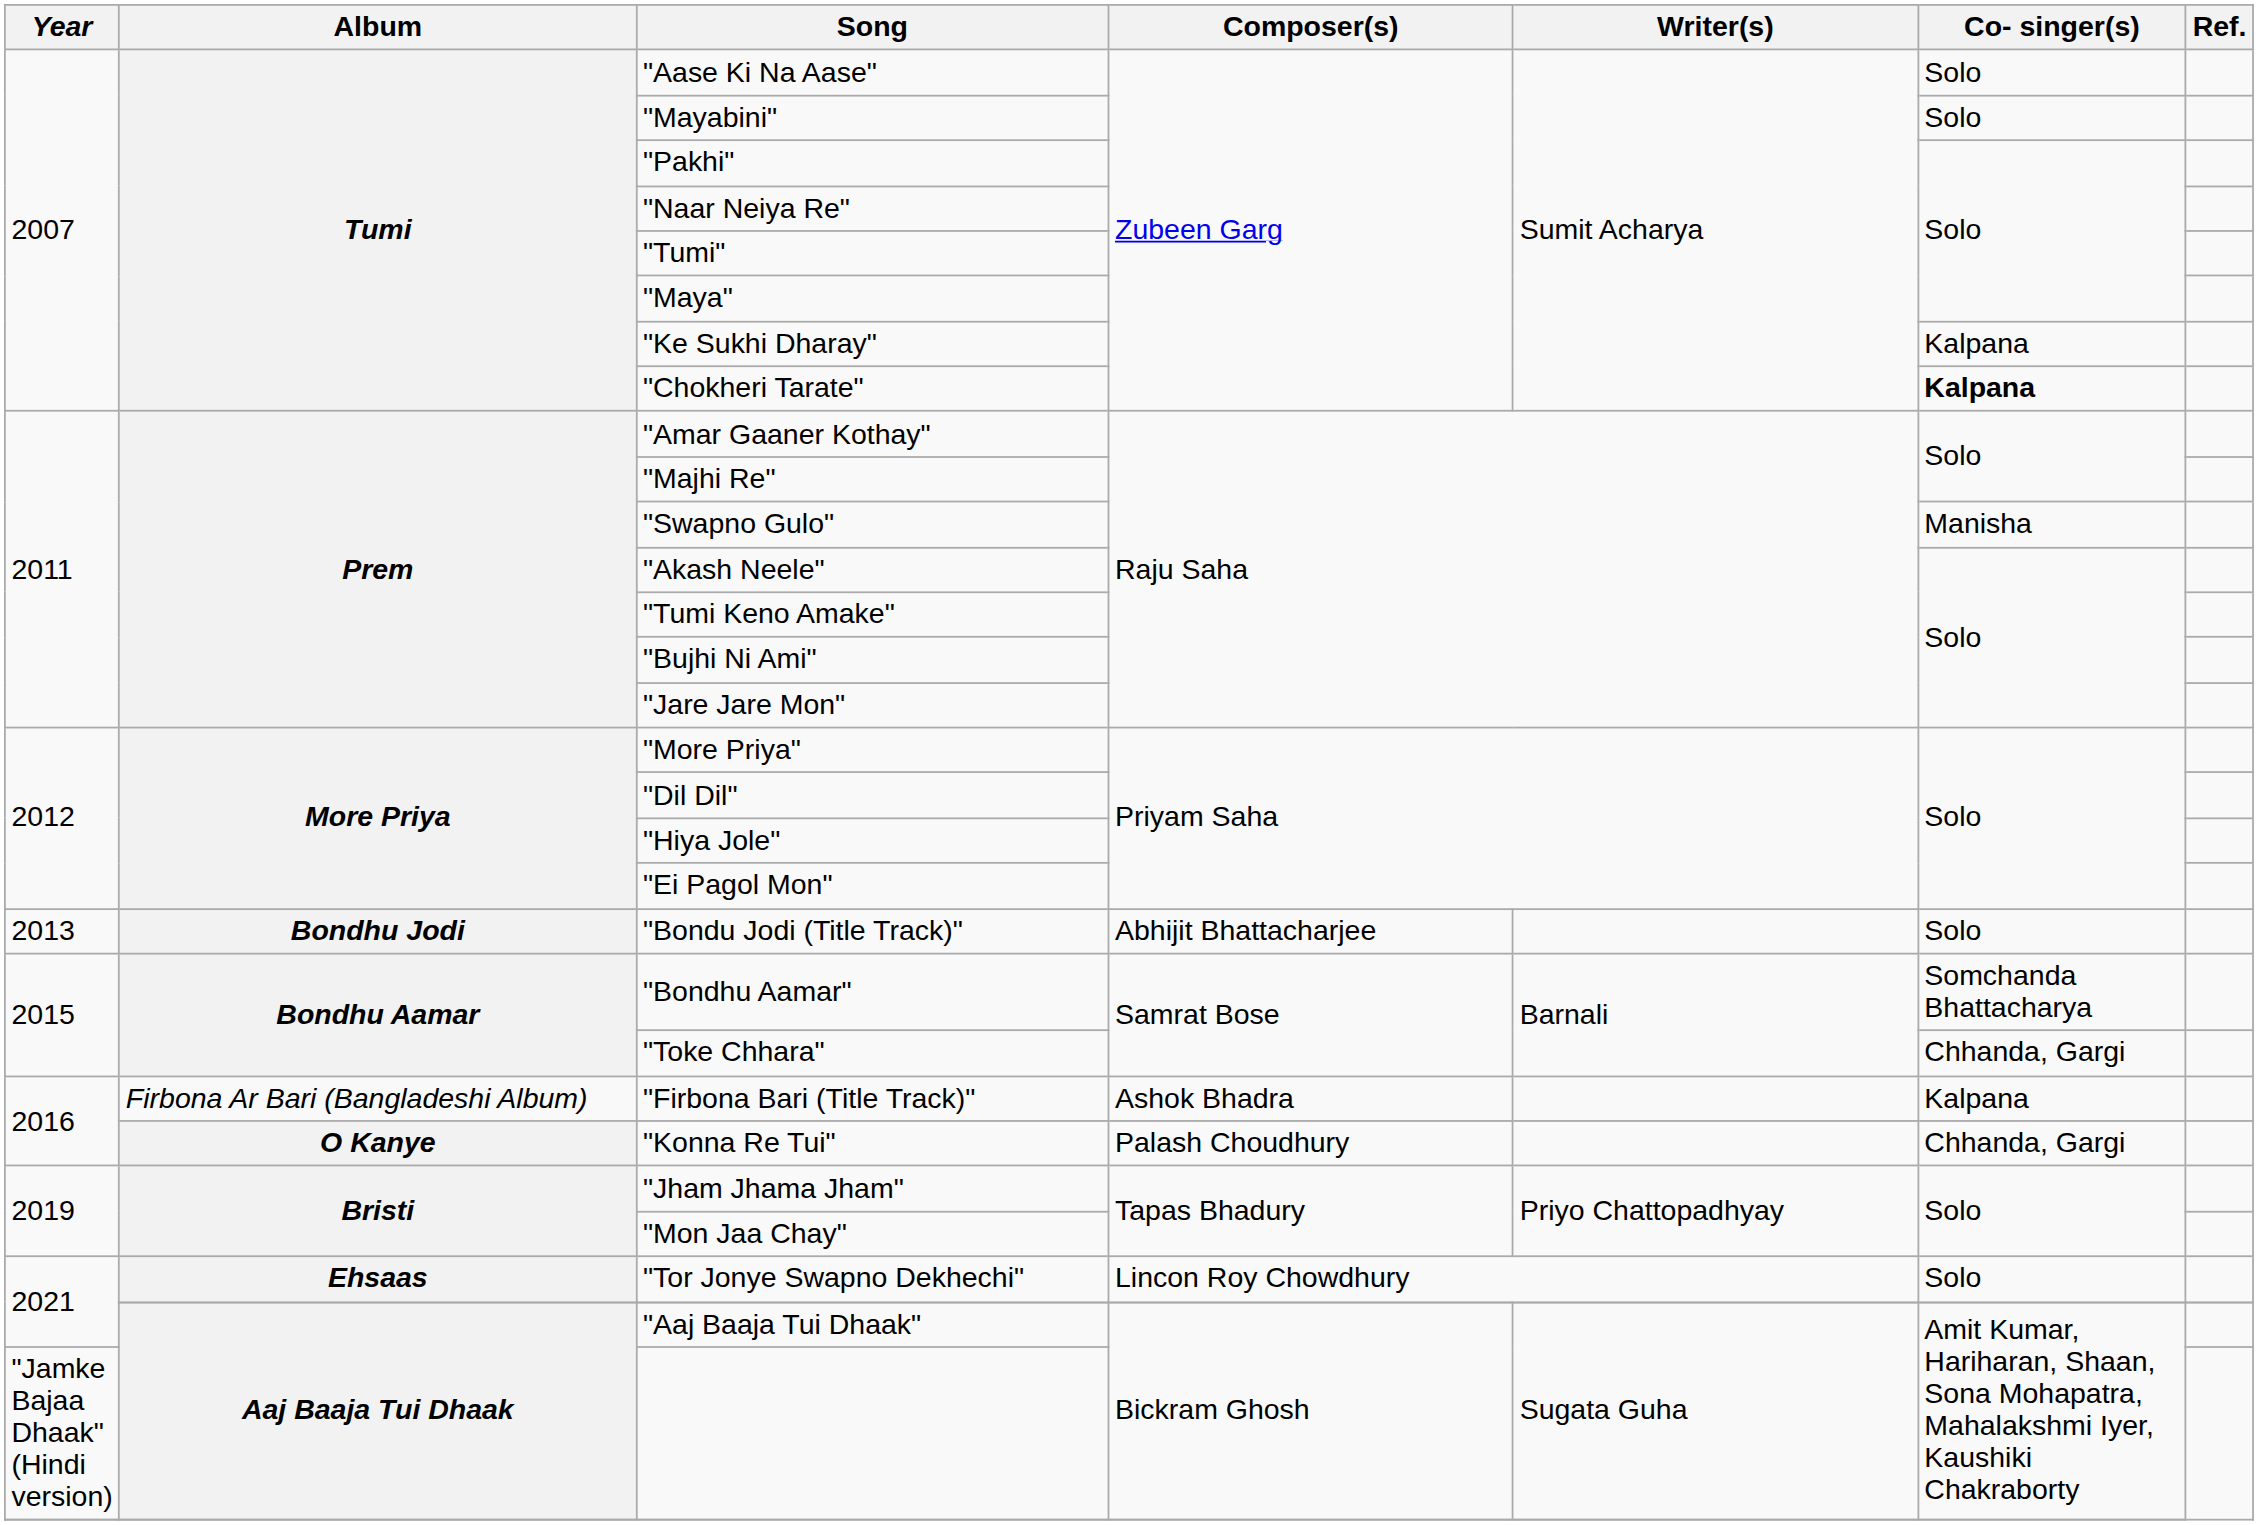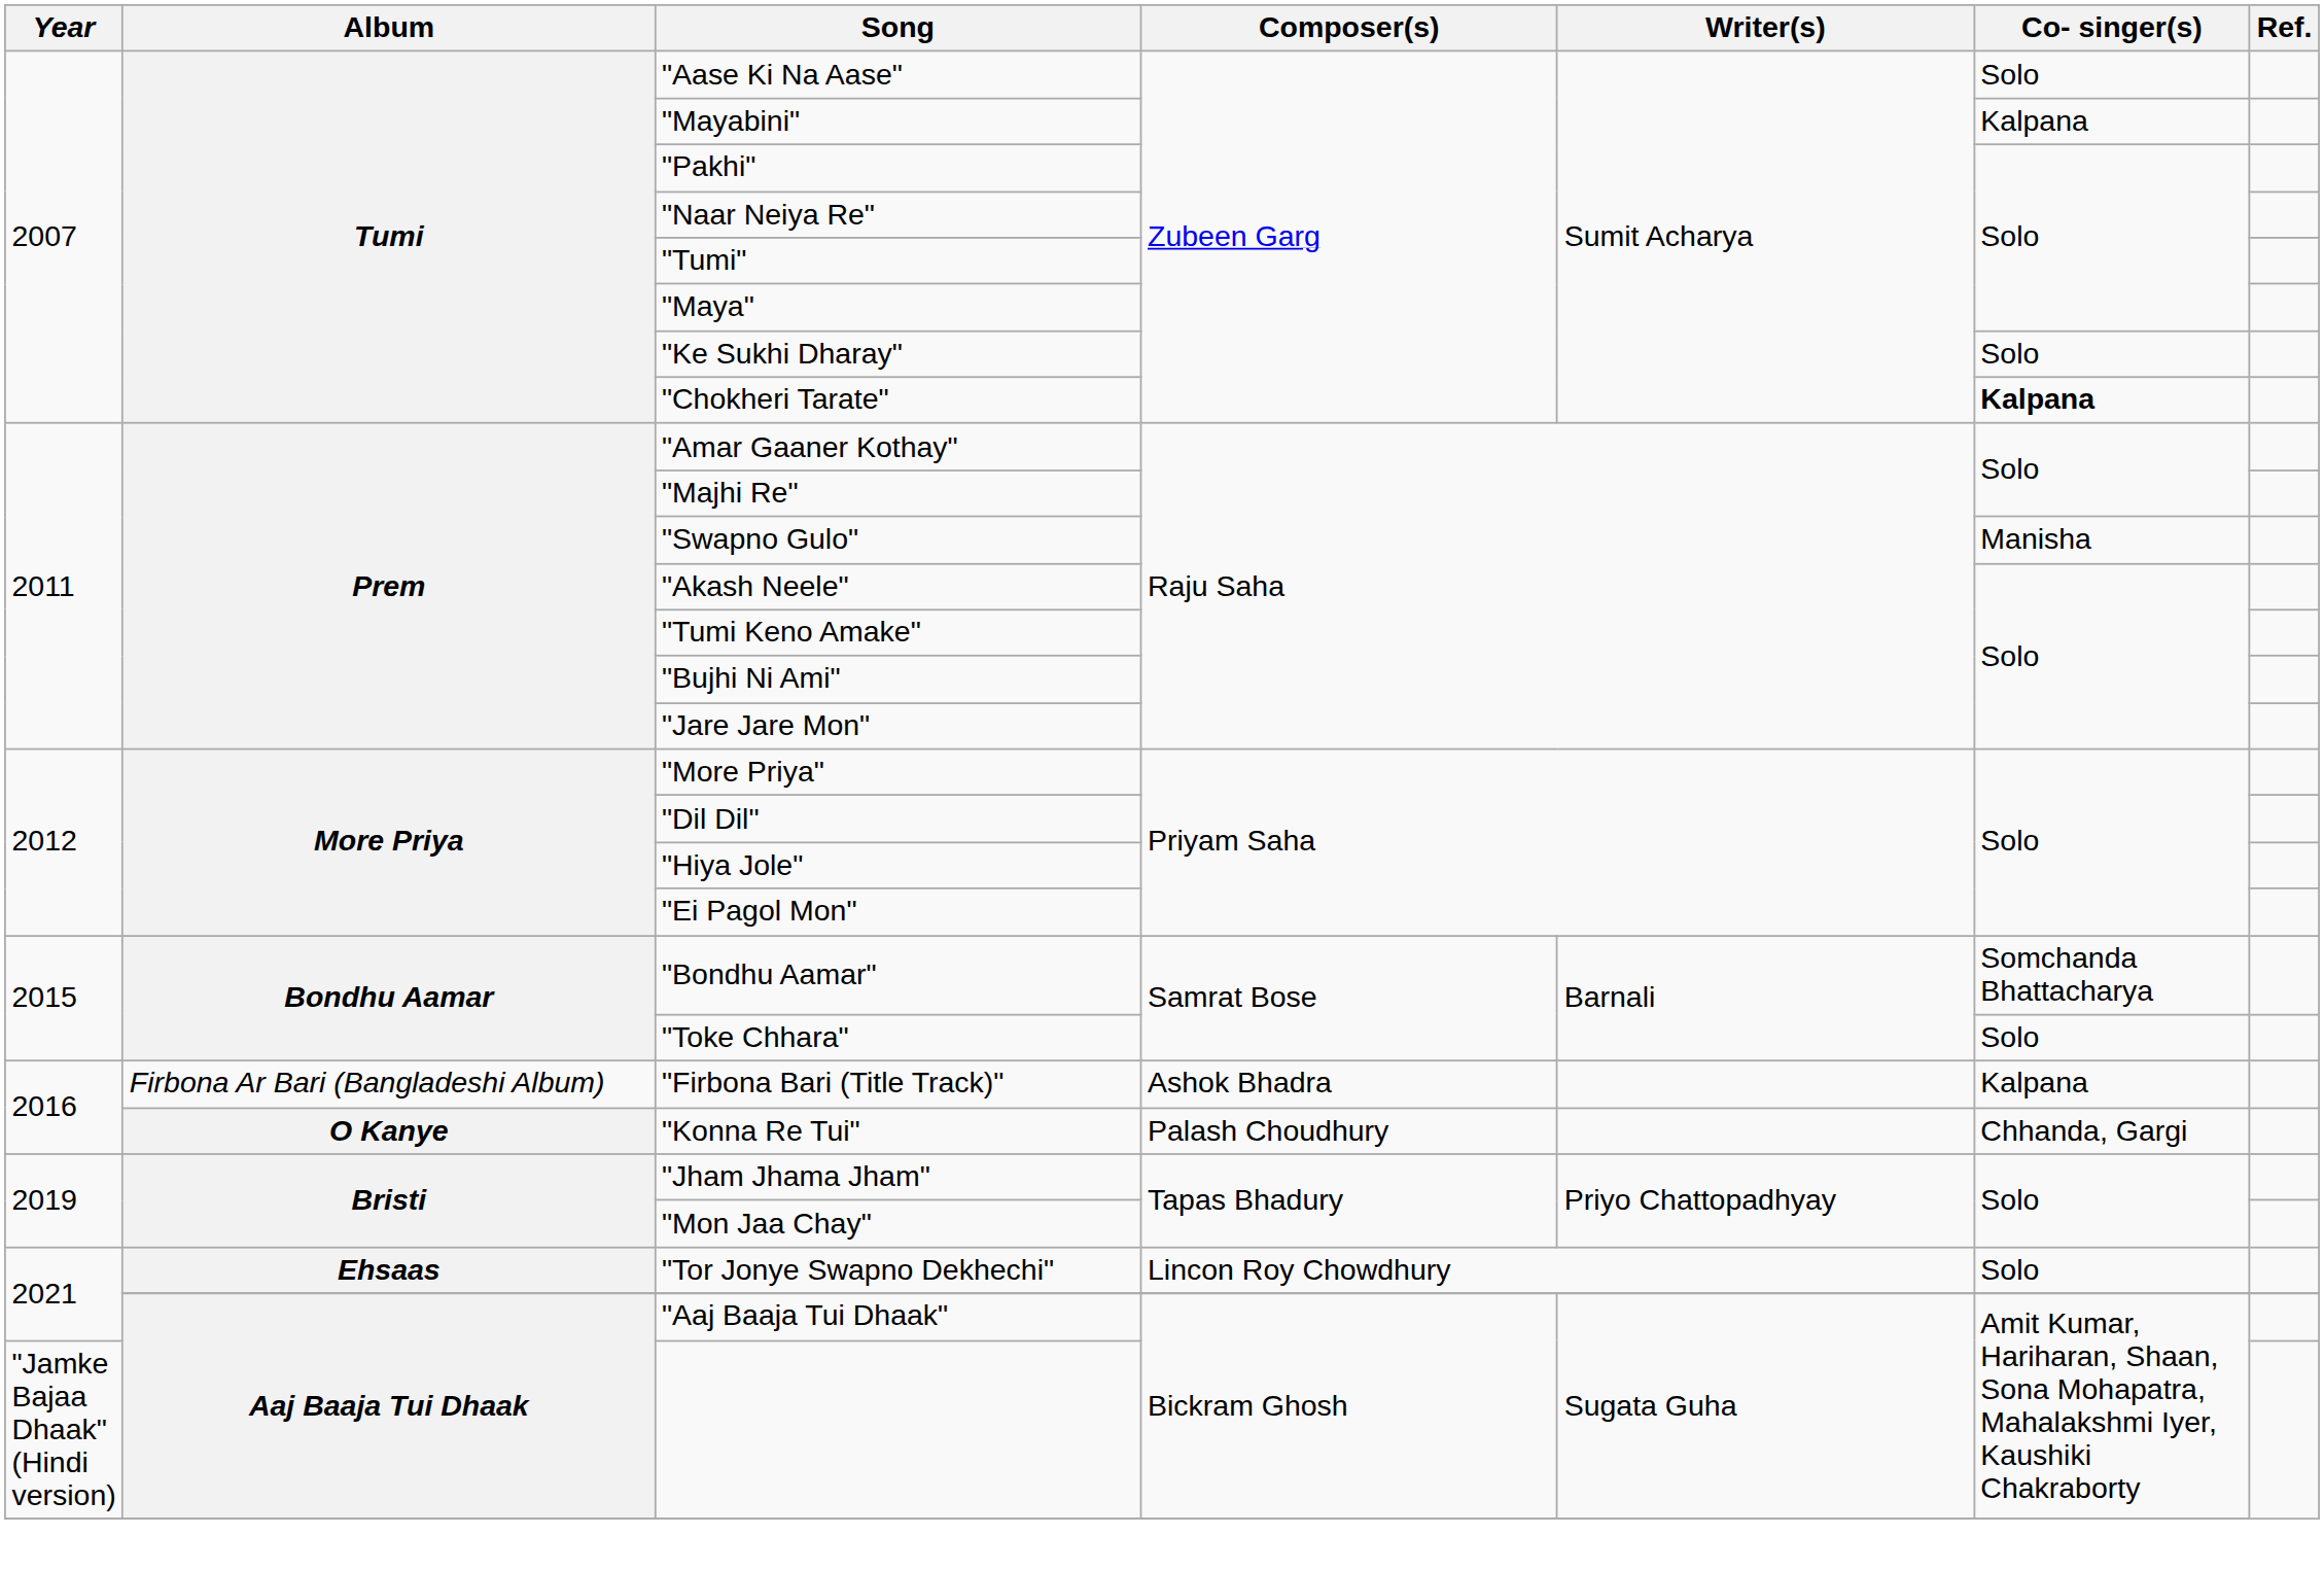 <table class="wikitable plainrowheaders" style="width:100%; textcolor:#000">
 <tr>
 <th scope="col" style="width:1%;"><em>Year</em></th>
 <th scope="col" style="width:23%;">Album</th>
 <th scope="col" style="width:21%;">Song</th>
 <th scope="col" style="width:18%;">Composer(s)</th>
 <th scope="col" style="width:18%;">Writer(s)</th>
 <th>Co- singer(s)</th>
 <th scope="col" style="width:1%;">Ref.</th>
 </tr>
 <tr>
 <td rowspan="8">2007</td>
 <th rowspan="8"><em>Tumi</em></th>
 <td>"Aase Ki Na Aase"</td>
 <td rowspan="8"><a href='#'>Zubeen Garg</a></td>
 <td rowspan="8">Sumit Acharya</td>
 <td>Solo</td>
 <td></td>
 </tr>
 <tr>
 <td>"Mayabini"</td>
-<td>Solo</td>
+<td>Kalpana</td>
 <td></td>
 </tr>
 <tr>
 <td>"Pakhi"</td>
 <td rowspan="4">Solo</td>
 <td></td>
 </tr>
 <tr>
 <td>"Naar Neiya Re"</td>
 <td></td>
 </tr>
 <tr>
 <td>"Tumi"</td>
 <td></td>
 </tr>
 <tr>
 <td>"Maya"</td>
 <td></td>
 </tr>
 <tr>
 <td>"Ke Sukhi Dharay"</td>
-<td>Kalpana</td>
+<td>Solo</td>
 <td></td>
 </tr>
 <tr>
 <td>"Chokheri Tarate"</td>
 <td><strong>Kalpana</strong></td>
 <td></td>
 </tr>
 <tr>
 <td rowspan="7" scope="row">2011</td>
 <th rowspan="7"><em>Prem </em></th>
 <td>"Amar Gaaner Kothay"</td>
 <td colspan="2" rowspan="7">Raju Saha</td>
 <td rowspan="2">Solo</td>
 <td></td>
 </tr>
 <tr>
 <td>"Majhi Re"</td>
 <td></td>
 </tr>
 <tr>
 <td>"Swapno Gulo"</td>
 <td>Manisha</td>
 <td></td>
 </tr>
 <tr>
 <td>"Akash Neele"</td>
 <td rowspan="4">Solo</td>
 <td></td>
 </tr>
 <tr>
 <td>"Tumi Keno Amake"</td>
 <td></td>
 </tr>
 <tr>
 <td>"Bujhi Ni Ami"</td>
 <td></td>
 </tr>
 <tr>
 <td>"Jare Jare Mon"</td>
 <td></td>
 </tr>
 <tr>
 <td rowspan="4" scope="row">2012</td>
 <th rowspan="4"><em>More Priya  </em></th>
 <td>"More Priya"</td>
 <td colspan="2" rowspan="4">Priyam Saha</td>
 <td rowspan="4">Solo</td>
 <td></td>
 </tr>
 <tr>
 <td>"Dil Dil"</td>
 <td></td>
 </tr>
 <tr>
 <td>"Hiya Jole"</td>
 <td></td>
 </tr>
 <tr>
 <td>"Ei Pagol Mon"</td>
 <td></td>
 </tr>
 <tr>
-<td>2013</td>
-<th><em>Bondhu Jodi</em></th>
-<td>"Bondu Jodi (Title Track)"</td>
-<td>Abhijit Bhattacharjee</td>
-<td></td>
-<td>Solo</td>
-<td></td>
-</tr>
-<tr>
 <td rowspan="2">2015</td>
 <th rowspan="2"><em>Bondhu Aamar</em></th>
 <td>"Bondhu Aamar"</td>
 <td rowspan="2">Samrat Bose</td>
 <td rowspan="2">Barnali</td>
 <td>Somchanda Bhattacharya</td>
 <td></td>
 </tr>
 <tr>
 <td>"Toke Chhara"</td>
-<td>Chhanda, Gargi</td>
+<td>Solo</td>
 <td></td>
 </tr>
 <tr>
 <td rowspan="2">2016</td>
 <td><em>Firbona Ar Bari (Bangladeshi Album)</em></td>
 <td>"Firbona Bari (Title Track)"</td>
 <td>Ashok Bhadra</td>
 <td></td>
 <td>Kalpana</td>
 <td></td>
 </tr>
 <tr>
 <th><em>O Kanye</em></th>
 <td>"Konna Re Tui"</td>
 <td>Palash Choudhury</td>
 <td></td>
 <td>Chhanda, Gargi</td>
 <td></td>
 </tr>
 <tr>
 <td rowspan="2">2019</td>
 <th rowspan="2"><em>Bristi</em></th>
 <td>"Jham Jhama Jham"</td>
 <td rowspan="2">Tapas Bhadury</td>
 <td rowspan="2">Priyo Chattopadhyay</td>
 <td rowspan="2">Solo</td>
 <td></td>
 </tr>
 <tr>
 <td>"Mon Jaa Chay"</td>
 <td></td>
 </tr>
 <tr>
 <td rowspan="3">2021</td>
 <th><em>Ehsaas</em></th>
 <td>"Tor Jonye Swapno Dekhechi"</td>
 <td colspan="2">Lincon Roy Chowdhury</td>
 <td>Solo</td>
 <td></td>
 </tr>
 <tr>
 </tr>
 <tr>
 <th rowspan="2"><em>Aaj Baaja Tui Dhaak</em></th>
 <td>"Aaj Baaja Tui Dhaak"</td>
 <td rowspan="2">Bickram Ghosh</td>
 <td rowspan="2">Sugata Guha</td>
 <td rowspan="2">Amit Kumar, Hariharan, Shaan, Sona Mohapatra, Mahalakshmi Iyer, Kaushiki Chakraborty</td>
 <td></td>
 </tr>
 <tr>
 <td>"Jamke Bajaa Dhaak" (Hindi version)</td>
 <td></td>
 </tr>
 <tr>
 </tr>
 </table>
